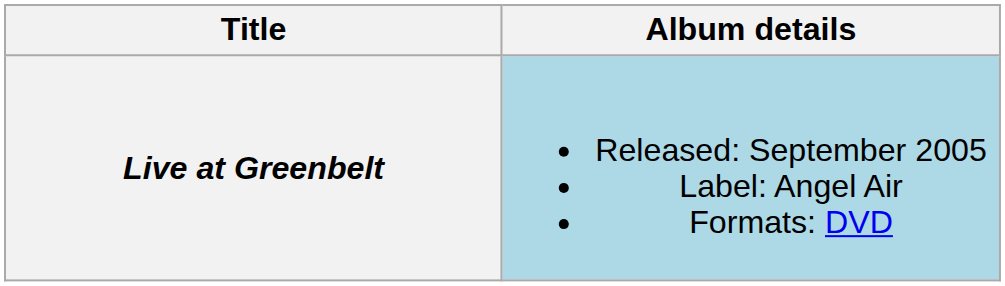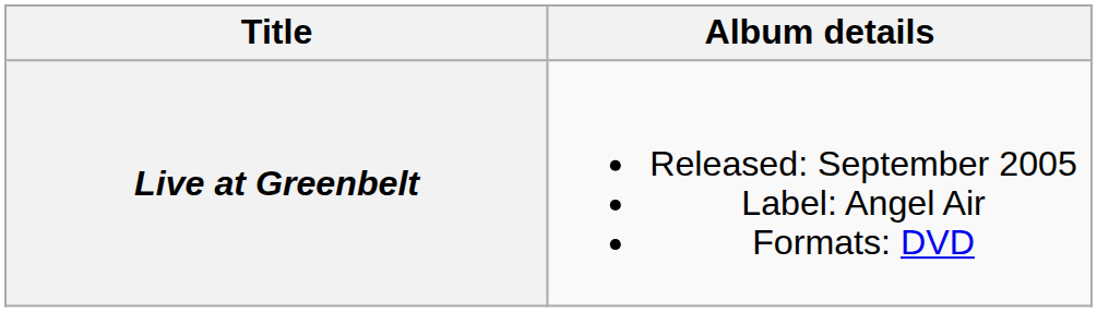 <table class="wikitable plainrowheaders" style="text-align:center;">
 <tr>
 <th scope="col" style="width:15em;">Title</th>
 <th scope="col" style="width:15em;">Album details</th>
 </tr>
 <tr>
 <th scope="row"><em>Live at Greenbelt</em></th>
-<td style="background: lightblue;"><br><ul><li>Released: September 2005</li><li>Label: Angel Air</li><li>Formats: <a href='#'>DVD</a></li></ul></td>
+<td><br><ul><li>Released: September 2005</li><li>Label: Angel Air</li><li>Formats: <a href='#'>DVD</a></li></ul></td>
 </tr>
 </table>
